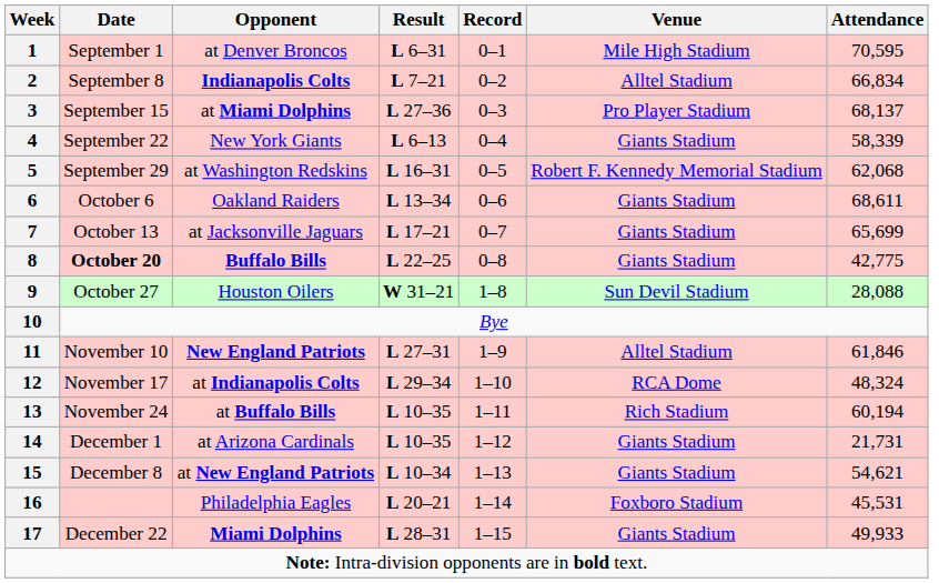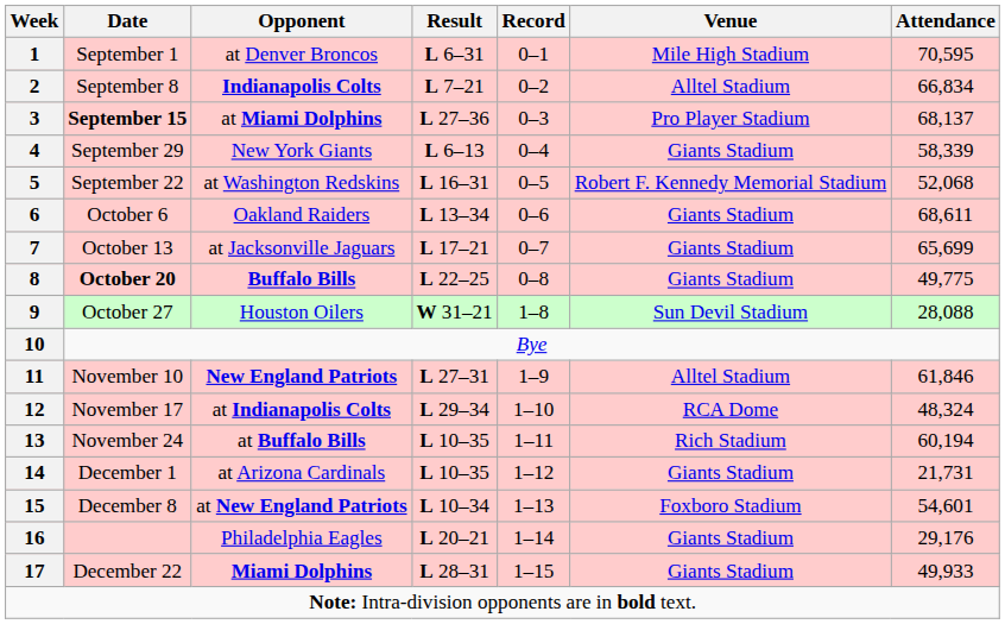 <table class="wikitable" style="text-align:center">
 <tr>
 <th>Week</th>
 <th>Date</th>
 <th>Opponent</th>
 <th>Result</th>
 <th>Record</th>
 <th>Venue</th>
 <th>Attendance</th>
 </tr>
 <tr style="background:#fcc">
 <th>1</th>
 <td>September 1</td>
 <td>at <a href='#'>Denver Broncos</a></td>
 <td><strong>L</strong> 6–31</td>
 <td>0–1</td>
 <td><a href='#'>Mile High Stadium</a></td>
 <td>70,595</td>
 </tr>
 <tr style="background:#fcc">
 <th>2</th>
 <td>September 8</td>
 <td><strong><a href='#'>Indianapolis Colts</a></strong></td>
 <td><strong>L</strong> 7–21</td>
 <td>0–2</td>
 <td><a href='#'>Alltel Stadium</a></td>
 <td>66,834</td>
 </tr>
 <tr style="background:#fcc">
 <th>3</th>
-<td>September 15</td>
+<td><strong>September 15</strong></td>
 <td>at <strong><a href='#'>Miami Dolphins</a></strong></td>
 <td><strong>L</strong> 27–36</td>
 <td>0–3</td>
 <td><a href='#'>Pro Player Stadium</a></td>
 <td>68,137</td>
 </tr>
 <tr style="background:#fcc">
 <th>4</th>
-<td>September 22</td>
+<td>September 29</td>
 <td><a href='#'>New York Giants</a></td>
 <td><strong>L</strong> 6–13</td>
 <td>0–4</td>
 <td><a href='#'>Giants Stadium</a></td>
 <td>58,339</td>
 </tr>
 <tr style="background:#fcc">
 <th>5</th>
-<td>September 29</td>
+<td>September 22</td>
 <td>at <a href='#'>Washington Redskins</a></td>
 <td><strong>L</strong> 16–31</td>
 <td>0–5</td>
 <td><a href='#'>Robert F. Kennedy Memorial Stadium</a></td>
-<td>62,068</td>
+<td>52,068</td>
 </tr>
 <tr style="background:#fcc">
 <th>6</th>
 <td>October 6</td>
 <td><a href='#'>Oakland Raiders</a></td>
 <td><strong>L</strong> 13–34</td>
 <td>0–6</td>
 <td><a href='#'>Giants Stadium</a></td>
 <td>68,611</td>
 </tr>
 <tr style="background:#fcc">
 <th>7</th>
 <td>October 13</td>
 <td>at <a href='#'>Jacksonville Jaguars</a></td>
 <td><strong>L</strong> 17–21</td>
 <td>0–7</td>
 <td><a href='#'>Giants Stadium</a></td>
 <td>65,699</td>
 </tr>
 <tr style="background:#fcc">
 <th>8</th>
 <td><strong>October 20</strong></td>
 <td><strong><a href='#'>Buffalo Bills</a></strong></td>
 <td><strong>L</strong> 22–25</td>
 <td>0–8</td>
 <td><a href='#'>Giants Stadium</a></td>
-<td>42,775</td>
+<td>49,775</td>
 </tr>
 <tr style="background:#cfc">
 <th>9</th>
 <td>October 27</td>
 <td><a href='#'>Houston Oilers</a></td>
 <td><strong>W</strong> 31–21</td>
 <td>1–8</td>
 <td><a href='#'>Sun Devil Stadium</a></td>
 <td>28,088</td>
 </tr>
 <tr>
 <th>10</th>
 <td colspan="6" align=center><em><a href='#'>Bye</a></em></td>
 </tr>
 <tr style="background:#fcc">
 <th>11</th>
 <td>November 10</td>
 <td><strong><a href='#'>New England Patriots</a></strong></td>
 <td><strong>L</strong> 27–31</td>
 <td>1–9</td>
 <td><a href='#'>Alltel Stadium</a></td>
 <td>61,846</td>
 </tr>
 <tr style="background:#fcc">
 <th>12</th>
 <td>November 17</td>
 <td>at <strong><a href='#'>Indianapolis Colts</a></strong></td>
 <td><strong>L</strong> 29–34</td>
 <td>1–10</td>
 <td><a href='#'>RCA Dome</a></td>
 <td>48,324</td>
 </tr>
 <tr style="background:#fcc">
 <th>13</th>
 <td>November 24</td>
 <td>at <strong><a href='#'>Buffalo Bills</a></strong></td>
 <td><strong>L</strong> 10–35</td>
 <td>1–11</td>
 <td><a href='#'>Rich Stadium</a></td>
 <td>60,194</td>
 </tr>
 <tr style="background:#fcc">
 <th>14</th>
 <td>December 1</td>
 <td>at <a href='#'>Arizona Cardinals</a></td>
 <td><strong>L</strong> 10–35</td>
 <td>1–12</td>
 <td><a href='#'>Giants Stadium</a></td>
 <td>21,731</td>
 </tr>
 <tr style="background:#fcc">
 <th>15</th>
 <td>December 8</td>
 <td>at <strong><a href='#'>New England Patriots</a></strong></td>
 <td><strong>L</strong> 10–34</td>
 <td>1–13</td>
-<td><a href='#'>Giants Stadium</a></td>
-<td>54,621</td>
+<td><a href='#'>Foxboro Stadium</a></td>
+<td>54,601</td>
 </tr>
 <tr style="background:#fcc">
 <th>16</th>
 <td></td>
 <td><a href='#'>Philadelphia Eagles</a></td>
 <td><strong>L</strong> 20–21</td>
 <td>1–14</td>
-<td><a href='#'>Foxboro Stadium</a></td>
-<td>45,531</td>
+<td><a href='#'>Giants Stadium</a></td>
+<td>29,176</td>
 </tr>
 <tr style="background:#fcc">
 <th>17</th>
 <td>December 22</td>
 <td><strong><a href='#'>Miami Dolphins</a></strong></td>
 <td><strong>L</strong> 28–31</td>
 <td>1–15</td>
 <td><a href='#'>Giants Stadium</a></td>
 <td>49,933</td>
 </tr>
 <tr>
 <td colspan="8"><strong>Note:</strong> Intra-division opponents are in <strong>bold</strong> text.</td>
 </tr>
 </table>
